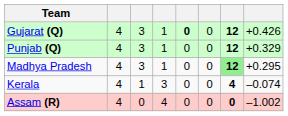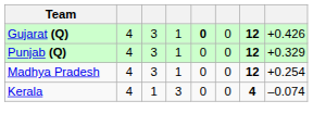 <table class="wikitable" style="text-align:center">
 <tr>
 <th style="width:140px;">Team</th>
 <th style="width:25px;"></th>
 <th style="width:25px;"></th>
 <th style="width:25px;"></th>
 <th style="width:25px;"></th>
 <th style="width:25px;"></th>
 <th style="width:25px;"></th>
 <th style="width:40px;"></th>
 </tr>
 <tr style="background:#cfc;">
 <td style="text-align:left"><a href='#'>Gujarat</a> <strong>(Q)</strong></td>
 <td>4</td>
 <td>3</td>
 <td>1</td>
 <td><strong>0</strong></td>
 <td>0</td>
 <td><strong>12</strong></td>
 <td>+0.426</td>
 </tr>
 <tr style="background:#cfc;">
 <td style="text-align:left"><a href='#'>Punjab</a> <strong>(Q)</strong></td>
 <td>4</td>
 <td>3</td>
 <td>1</td>
 <td>0</td>
 <td>0</td>
 <td><strong>12</strong></td>
 <td>+0.329</td>
 </tr>
 <tr>
 <td style="text-align:left"><a href='#'>Madhya Pradesh</a></td>
 <td>4</td>
 <td>3</td>
 <td>1</td>
 <td>0</td>
 <td>0</td>
-<td style="background: lightgreen;"><strong>12</strong></td>
-<td>+0.295</td>
+<td><strong>12</strong></td>
+<td>+0.254</td>
 </tr>
 <tr>
 <td style="text-align:left"><a href='#'>Kerala</a></td>
 <td>4</td>
 <td>1</td>
 <td>3</td>
 <td>0</td>
 <td>0</td>
 <td><strong>4</strong></td>
 <td>–0.074</td>
 </tr>
-<tr style="background:#FFCCCC">
-<td style="text-align:left"><a href='#'>Assam</a> <strong>(R)</strong></td>
-<td>4</td>
-<td>0</td>
-<td>4</td>
-<td>0</td>
-<td>0</td>
-<td><strong>0</strong></td>
-<td>–1.002</td>
-</tr>
 </table>
